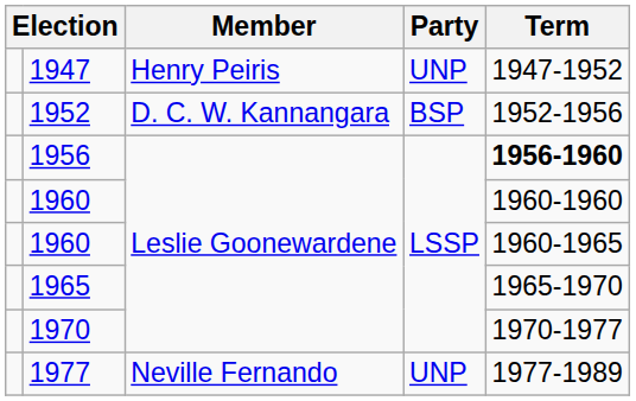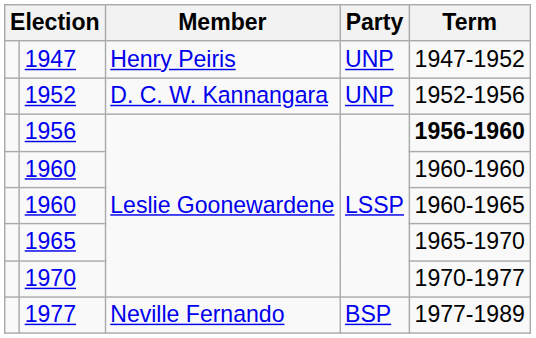 <table class="wikitable">
 <tr>
 <th colspan="2">Election</th>
 <th>Member</th>
 <th>Party</th>
 <th>Term</th>
 </tr>
 <tr>
 <td style="background-color: "></td>
 <td><a href='#'>1947</a></td>
 <td><a href='#'>Henry Peiris</a></td>
 <td><a href='#'>UNP</a></td>
 <td>1947-1952</td>
 </tr>
 <tr>
 <td style="background-color: "></td>
 <td><a href='#'>1952</a></td>
 <td><a href='#'>D. C. W. Kannangara</a></td>
-<td><a href='#'>BSP</a></td>
+<td><a href='#'>UNP</a></td>
 <td>1952-1956</td>
 </tr>
 <tr>
 <td style="background-color: "></td>
 <td><a href='#'>1956</a></td>
 <td rowspan ="5"><a href='#'>Leslie Goonewardene</a></td>
 <td rowspan ="5"><a href='#'>LSSP</a></td>
 <td><strong>1956-1960</strong></td>
 </tr>
 <tr>
 <td style="background-color: "></td>
 <td><a href='#'>1960</a></td>
 <td>1960-1960</td>
 </tr>
 <tr>
 <td style="background-color: "></td>
 <td><a href='#'>1960</a></td>
 <td>1960-1965</td>
 </tr>
 <tr>
 <td style="background-color: "></td>
 <td><a href='#'>1965</a></td>
 <td>1965-1970</td>
 </tr>
 <tr>
 <td style="background-color: "></td>
 <td><a href='#'>1970</a></td>
 <td>1970-1977</td>
 </tr>
 <tr>
 <td style="background-color: "></td>
 <td><a href='#'>1977</a></td>
 <td><a href='#'>Neville Fernando</a></td>
-<td><a href='#'>UNP</a></td>
+<td><a href='#'>BSP</a></td>
 <td>1977-1989</td>
 </tr>
 </table>
